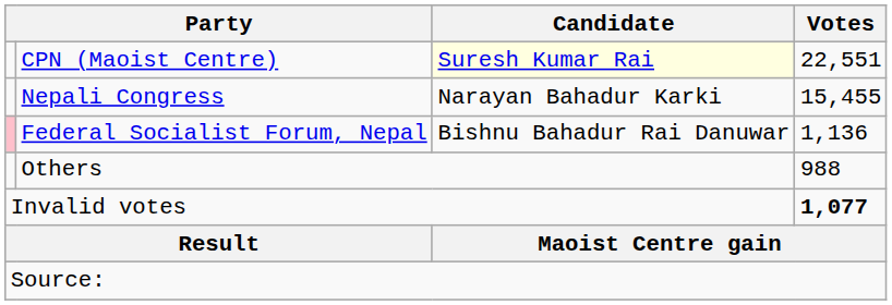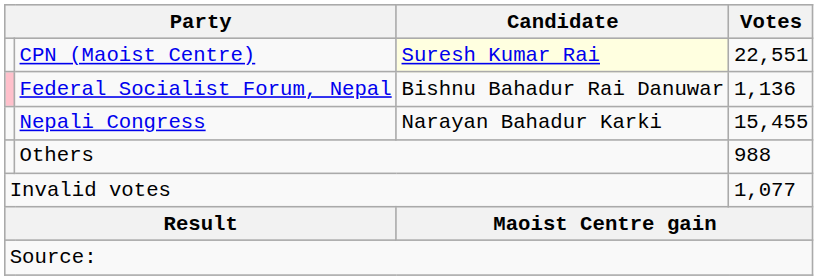 <table class="wikitable">
 <tr>
 <th colspan="2">Party</th>
 <th>Candidate</th>
 <th>Votes</th>
 </tr>
 <tr>
 <td style="background-color:"></td>
 <td><a href='#'>CPN (Maoist Centre)</a></td>
 <td style="background: lightyellow;"><a href='#'>Suresh Kumar Rai</a></td>
 <td>22,551</td>
 </tr>
 <tr>
+<td style="background-color:pink"></td>
+<td><a href='#'>Federal Socialist Forum, Nepal</a></td>
+<td>Bishnu Bahadur Rai Danuwar</td>
+<td>1,136</td>
+</tr>
+<tr>
 <td style="background-color:"></td>
 <td><a href='#'>Nepali Congress</a></td>
 <td>Narayan Bahadur Karki</td>
 <td>15,455</td>
-</tr>
-<tr>
-<td style="background-color:pink"></td>
-<td><a href='#'>Federal Socialist Forum, Nepal</a></td>
-<td>Bishnu Bahadur Rai Danuwar</td>
-<td>1,136</td>
 </tr>
 <tr>
 <td></td>
 <td colspan="2">Others</td>
 <td>988</td>
 </tr>
 <tr>
 <td colspan="3">Invalid votes</td>
-<td><strong>1,077</strong></td>
+<td>1,077</td>
 </tr>
 <tr>
 <th colspan="2">Result</th>
 <th colspan="2">Maoist Centre gain</th>
 </tr>
 <tr>
 <td colspan="4">Source: </td>
 </tr>
 </table>
